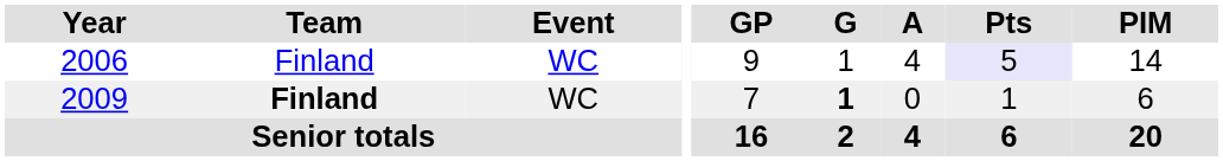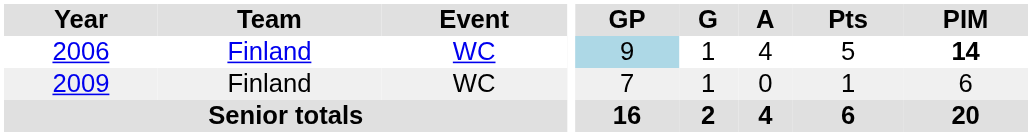 <table border="0" cellpadding="1" cellspacing="0" ID="Table3" style="text-align:center; width:40em">
 <tr bgcolor="#e0e0e0">
 <th>Year</th>
 <th>Team</th>
 <th>Event</th>
 <th rowspan="102" bgcolor="#ffffff"></th>
 <th>GP</th>
 <th>G</th>
 <th>A</th>
 <th>Pts</th>
 <th>PIM</th>
 </tr>
 <tr>
 <td><a href='#'>2006</a></td>
 <td><a href='#'>Finland</a></td>
 <td><a href='#'>WC</a></td>
-<td>9</td>
+<td style="background: lightblue;">9</td>
 <td>1</td>
 <td>4</td>
-<td style="background: lavender;">5</td>
-<td>14</td>
+<td>5</td>
+<td><strong>14</strong></td>
 </tr>
 <tr bgcolor="#f0f0f0">
 <td><a href='#'>2009</a></td>
-<td><strong>Finland</strong></td>
+<td>Finland</td>
 <td>WC</td>
 <td>7</td>
-<td><strong>1</strong></td>
+<td>1</td>
 <td>0</td>
 <td>1</td>
 <td>6</td>
 </tr>
 <tr bgcolor="#e0e0e0">
 <th colspan="3">Senior totals</th>
 <th>16</th>
 <th>2</th>
 <th>4</th>
 <th>6</th>
 <th>20</th>
 </tr>
 </table>
